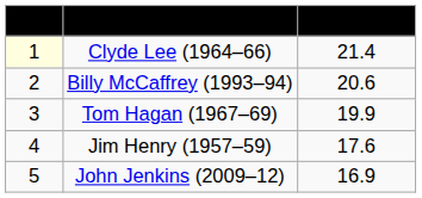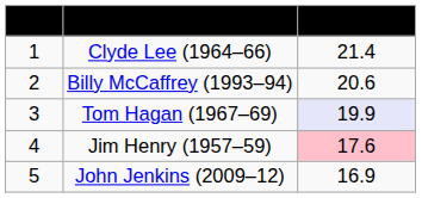 <table class="wikitable" style="text-align: center;">
 <tr>
 <td bgcolor="black"><span><strong>Rank</strong></span></td>
 <td bgcolor="black"><span><strong>Player</strong></span></td>
 <td bgcolor="black"><span><strong>Career PPG</strong></span></td>
 </tr>
 <tr align="center">
 </tr>
 <tr>
-<td style="background: lightyellow;">1</td>
+<td>1</td>
 <td><a href='#'>Clyde Lee</a> (1964–66)</td>
 <td>21.4</td>
 </tr>
 <tr>
 <td>2</td>
 <td><a href='#'>Billy McCaffrey</a> (1993–94)</td>
 <td>20.6</td>
 </tr>
 <tr>
 <td>3</td>
 <td><a href='#'>Tom Hagan</a> (1967–69)</td>
-<td>19.9</td>
+<td style="background: lavender;">19.9</td>
 </tr>
 <tr>
 <td>4</td>
 <td>Jim Henry (1957–59)</td>
-<td>17.6</td>
+<td style="background: pink;">17.6</td>
 </tr>
 <tr>
 <td>5</td>
 <td><a href='#'>John Jenkins</a> (2009–12)</td>
 <td>16.9</td>
 </tr>
 </table>
